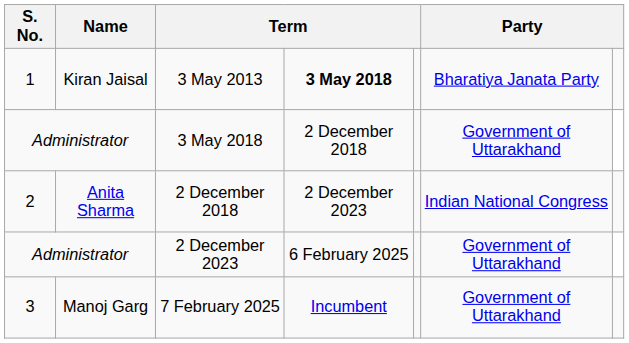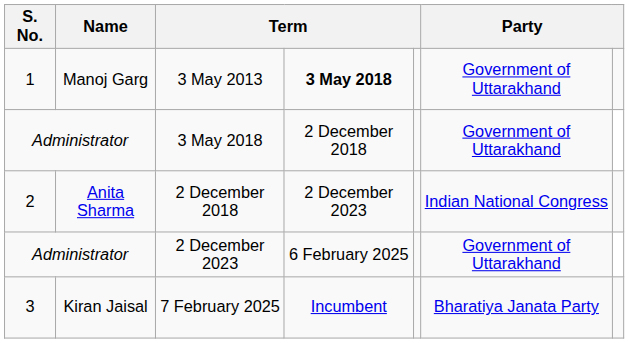 <table class="wikitable sortable">
 <tr>
 <th scope="col">S. No.</th>
 <th>Name</th>
 <th colspan=3>Term</th>
 <th colspan=2>Party</th>
 </tr>
 <tr style="text-align:center; height:60px;">
 <td>1</td>
-<td>Kiran Jaisal</td>
+<td>Manoj Garg</td>
 <td>3 May 2013</td>
 <td><strong>3 May 2018</strong></td>
 <td></td>
-<td><a href='#'>Bharatiya Janata Party</a></td>
+<td><a href='#'>Government of Uttarakhand</a></td>
 <td width="4px" style="background-color: "></td>
 </tr>
 <tr style="text-align:center; height:60px;">
 <td colspan=2><em>Administrator</em></td>
 <td>3 May 2018</td>
 <td>2 December 2018</td>
 <td></td>
 <td><a href='#'>Government of Uttarakhand</a></td>
 <td style="background-color: white"></td>
 </tr>
 <tr style="text-align:center; height:60px;">
 <td>2</td>
 <td><a href='#'>Anita Sharma</a></td>
 <td>2 December 2018</td>
 <td>2 December 2023</td>
 <td></td>
 <td><a href='#'>Indian National Congress</a></td>
 <td width="4px" style="background-color: "></td>
 </tr>
 <tr style="text-align:center;height=:60px;">
 <td colspan=2><em>Administrator</em></td>
 <td>2 December 2023</td>
 <td>6 February 2025</td>
 <td></td>
 <td><a href='#'>Government of Uttarakhand</a></td>
 <td style="background-color: white"></td>
 </tr>
 <tr style="text-align:center; height:60px;">
 <td>3</td>
-<td>Manoj Garg</td>
+<td>Kiran Jaisal</td>
 <td>7 February 2025</td>
 <td><a href='#'>Incumbent</a></td>
 <td></td>
-<td><a href='#'>Government of Uttarakhand</a></td>
+<td><a href='#'>Bharatiya Janata Party</a></td>
 <td width="4px" style="background-color: "></td>
 </tr>
 </table>
